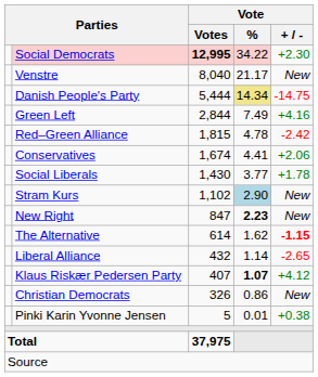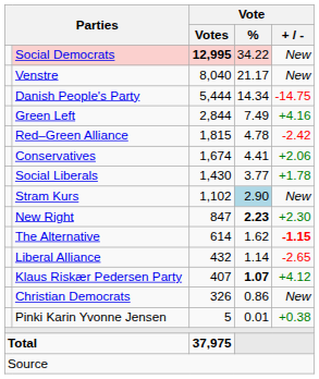 <table class="wikitable" style="text-align:right;">
 <tr>
 <th style="text-align:centre;" rowspan="2" colspan="2" width="225">Parties</th>
 <th colspan="3">Vote</th>
 </tr>
 <tr>
 <th width="15">Votes</th>
 <th width="15">%</th>
 <th width="15">+ / -</th>
 </tr>
 <tr>
 <td width="2" style="color:inherit;background:"></td>
 <td bgcolor=#fbd0ce  align="left"><a href='#'>Social Democrats</a></td>
 <td bgcolor=#fbd0ce><strong>12,995</strong></td>
 <td bgcolor=#fbd0ce>34.22</td>
-<td style=color:green;>+2.30</td>
+<td><em>New</em></td>
 </tr>
 <tr>
 <td width="2" style="color:inherit;background:"></td>
 <td align="left"><a href='#'>Venstre</a></td>
 <td>8,040</td>
 <td>21.17</td>
 <td><em>New</em></td>
 </tr>
 <tr>
 <td width="2" style="color:inherit;background:"></td>
 <td align="left"><a href='#'>Danish People's Party</a></td>
 <td>5,444</td>
-<td style="background: khaki;">14.34</td>
+<td>14.34</td>
 <td style=color:red;>-14.75</td>
 </tr>
 <tr>
 <td width="2" style="color:inherit;background:"></td>
 <td align="left"><a href='#'>Green Left</a></td>
 <td>2,844</td>
 <td>7.49</td>
 <td style=color:green;>+4.16</td>
 </tr>
 <tr>
 <td width="2" style="color:inherit;background:"></td>
 <td align="left"><a href='#'>Red–Green Alliance</a></td>
 <td>1,815</td>
 <td>4.78</td>
 <td style=color:red;>-2.42</td>
 </tr>
 <tr>
 <td width="2" style="color:inherit;background:"></td>
 <td align="left"><a href='#'>Conservatives</a></td>
 <td>1,674</td>
 <td>4.41</td>
 <td style=color:green;>+2.06</td>
 </tr>
 <tr>
 <td width="2" style="color:inherit;background:"></td>
 <td align="left"><a href='#'>Social Liberals</a></td>
 <td>1,430</td>
 <td>3.77</td>
 <td style=color:green;>+1.78</td>
 </tr>
 <tr>
 <td width="2" style="color:inherit;background:"></td>
 <td align="left"><a href='#'>Stram Kurs</a></td>
 <td>1,102</td>
 <td style="background: lightblue;">2.90</td>
 <td><em>New</em></td>
 </tr>
 <tr>
 <td width="2" style="color:inherit;background:"></td>
 <td align="left"><a href='#'>New Right</a></td>
 <td>847</td>
 <td><strong>2.23</strong></td>
-<td><em>New</em></td>
+<td style=color:green;>+2.30</td>
 </tr>
 <tr>
 <td width="2" style="color:inherit;background:"></td>
 <td align="left"><a href='#'>The Alternative</a></td>
 <td>614</td>
 <td>1.62</td>
 <td style=color:red;><strong>-1.15</strong></td>
 </tr>
 <tr>
 <td width="2" style="color:inherit;background:"></td>
 <td align="left"><a href='#'>Liberal Alliance</a></td>
 <td>432</td>
 <td>1.14</td>
 <td style=color:red;>-2.65</td>
 </tr>
 <tr>
 <td width="2" style="color:inherit;background:"></td>
 <td align="left"><a href='#'>Klaus Riskær Pedersen Party</a></td>
 <td>407</td>
 <td><strong>1.07</strong></td>
 <td style=color:green;>+4.12</td>
 </tr>
 <tr>
 <td width="2" style="color:inherit;background:"></td>
 <td align="left"><a href='#'>Christian Democrats</a></td>
 <td>326</td>
 <td>0.86</td>
 <td><em>New</em></td>
 </tr>
 <tr>
 <td width="2" style="color:inherit;background:"></td>
 <td align="left">Pinki Karin Yvonne Jensen</td>
 <td>5</td>
 <td>0.01</td>
 <td style=color:green;>+0.38</td>
 </tr>
 <tr>
 <td colspan="7" bgcolor="#E9E9E9"></td>
 </tr>
 <tr>
 <td align="left" colspan="2"><strong>Total</strong></td>
 <td><strong>37,975</strong></td>
 <td bgcolor="#E9E9E9" colspan="2"></td>
 </tr>
 <tr>
 <td align="left" colspan="6">Source</td>
 </tr>
 </table>
